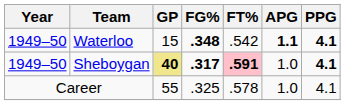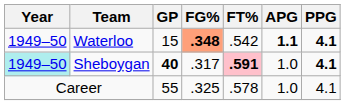 <table class="wikitable sortable" style="font-size:95%; text-align:right;">
 <tr>
 <th>Year</th>
 <th>Team</th>
 <th>GP</th>
 <th>FG%</th>
 <th>FT%</th>
 <th>APG</th>
 <th>PPG</th>
 </tr>
 <tr>
 <td style="text-align:left;"><a href='#'>1949–50</a></td>
 <td style="text-align:left;"><a href='#'>Waterloo</a></td>
 <td>15</td>
-<td><strong>.348</strong></td>
+<td style="background: lightsalmon;"><strong>.348</strong></td>
 <td>.542</td>
 <td><strong>1.1</strong></td>
 <td><strong>4.1</strong></td>
 </tr>
 <tr>
-<td style="text-align:left;"><a href='#'>1949–50</a></td>
+<td style="background: paleturquoise; text-align:left;"><a href='#'>1949–50</a></td>
 <td style="text-align:left;"><a href='#'>Sheboygan</a></td>
-<td style="background: khaki;"><strong>40</strong></td>
-<td><strong>.317</strong></td>
+<td><strong>40</strong></td>
+<td>.317</td>
 <td style="background: pink;"><strong>.591</strong></td>
 <td>1.0</td>
 <td><strong>4.1</strong></td>
 </tr>
 <tr class="sortbottom">
 <td style="text-align:center;" colspan="2">Career</td>
 <td>55</td>
 <td>.325</td>
 <td>.578</td>
 <td>1.0</td>
 <td>4.1</td>
 </tr>
 <tr>
 </tr>
 </table>
